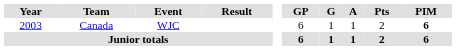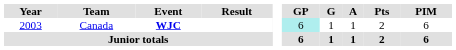 <table border="0" cellpadding="1" cellspacing="0" style="text-align:center; width:40em">
 <tr ALIGN="center" bgcolor="#e0e0e0">
 <th>Year</th>
 <th>Team</th>
 <th>Event</th>
 <th>Result</th>
 <th rowspan="99" bgcolor="#ffffff"> </th>
 <th>GP</th>
 <th>G</th>
 <th>A</th>
 <th>Pts</th>
 <th>PIM</th>
 </tr>
 <tr>
 <td><a href='#'>2003</a></td>
 <td><a href='#'>Canada</a></td>
-<td><a href='#'>WJC</a></td>
+<td><strong><a href='#'>WJC</a></strong></td>
 <td></td>
-<td>6</td>
+<td style="background: paleturquoise;">6</td>
 <td>1</td>
 <td>1</td>
 <td>2</td>
-<td><strong>6</strong></td>
+<td>6</td>
 </tr>
 <tr bgcolor="#e0e0e0">
 <th colspan="4">Junior totals</th>
 <th>6</th>
 <th>1</th>
 <th>1</th>
 <th>2</th>
 <th>6</th>
 </tr>
 </table>
